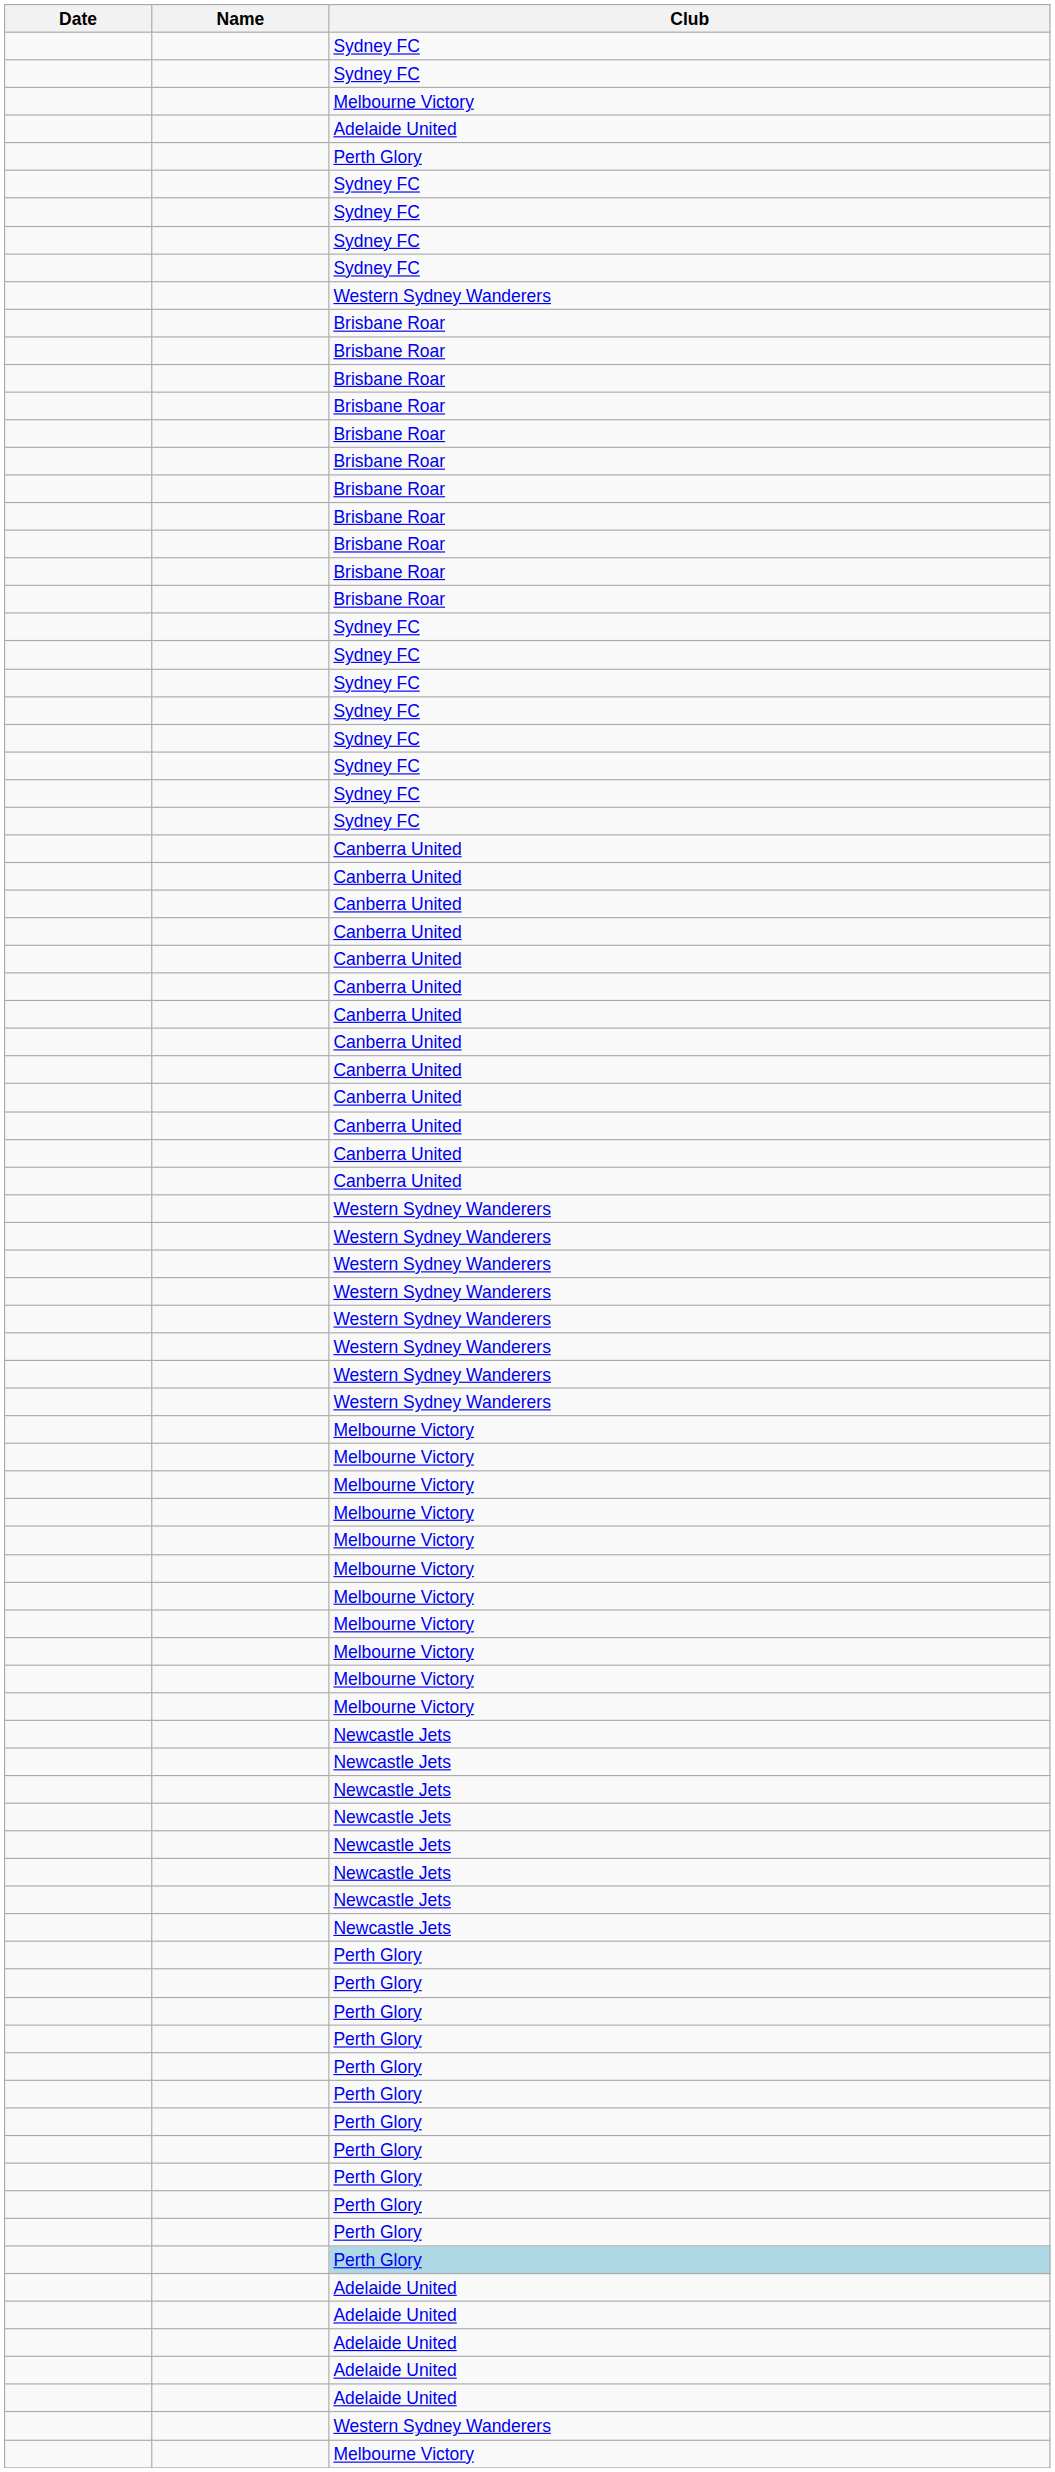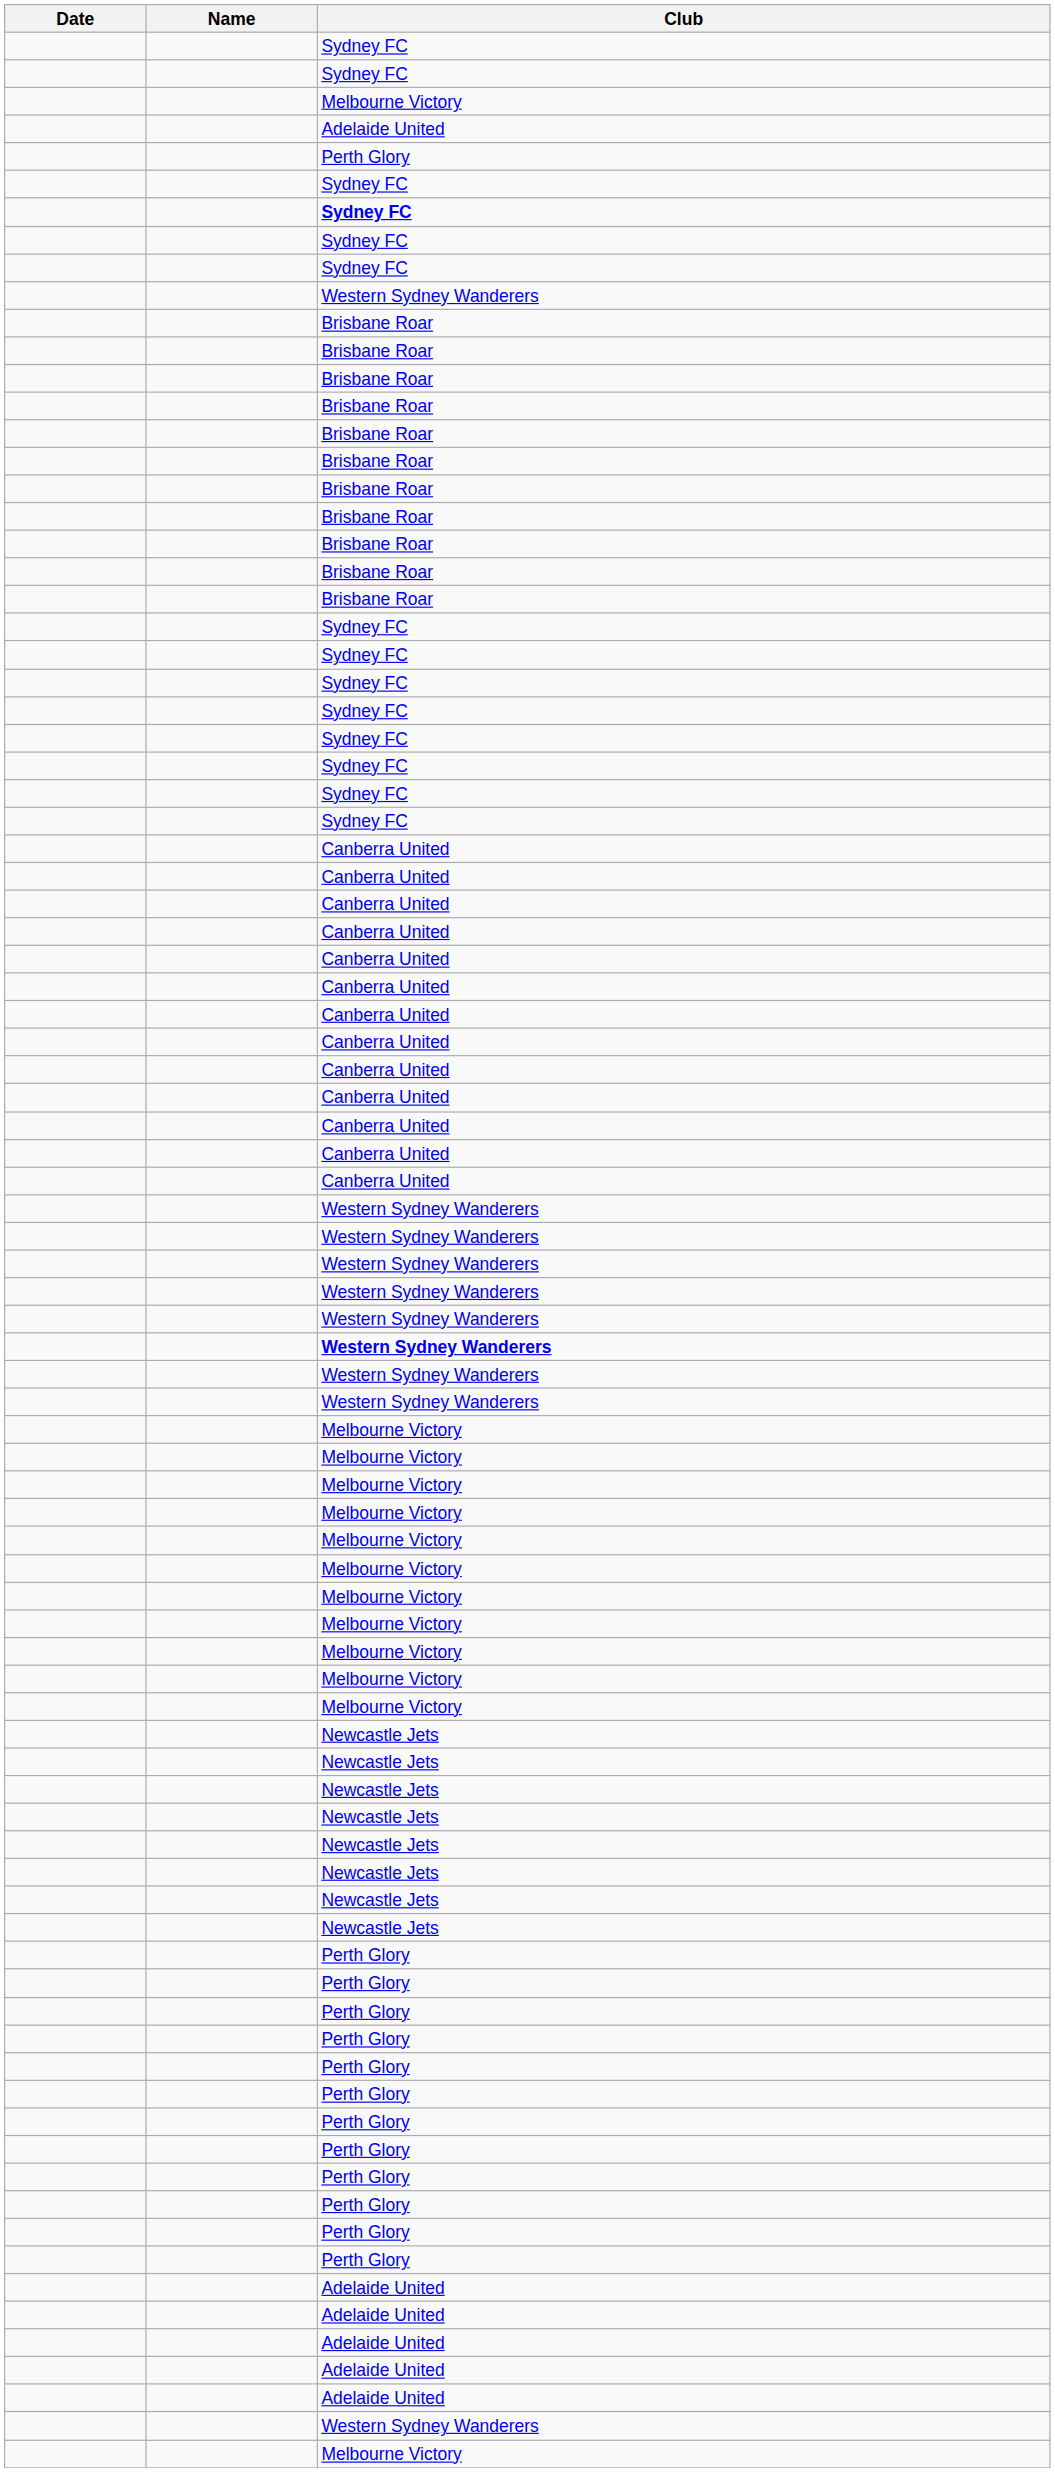 <table class="wikitable sortable" style="width:72%; font-size:95%; ">
 <tr>
 <th>Date</th>
 <th>Name</th>
 <th>Club</th>
 </tr>
 <tr>
 <td></td>
 <td></td>
 <td><a href='#'>Sydney FC</a></td>
 </tr>
 <tr>
 <td></td>
 <td></td>
 <td><a href='#'>Sydney FC</a></td>
 </tr>
 <tr>
 <td></td>
 <td></td>
 <td><a href='#'>Melbourne Victory</a></td>
 </tr>
 <tr>
 <td></td>
 <td></td>
 <td><a href='#'>Adelaide United</a></td>
 </tr>
 <tr>
 <td></td>
 <td></td>
 <td><a href='#'>Perth Glory</a></td>
 </tr>
 <tr>
 <td></td>
 <td></td>
 <td><a href='#'>Sydney FC</a></td>
 </tr>
 <tr>
 <td></td>
 <td></td>
-<td><a href='#'>Sydney FC</a></td>
+<td><strong><a href='#'>Sydney FC</a></strong></td>
 </tr>
 <tr>
 <td></td>
 <td></td>
 <td><a href='#'>Sydney FC</a></td>
 </tr>
 <tr>
 <td></td>
 <td></td>
 <td><a href='#'>Sydney FC</a></td>
 </tr>
 <tr>
 <td></td>
 <td></td>
 <td><a href='#'>Western Sydney Wanderers</a></td>
 </tr>
 <tr>
 <td></td>
 <td></td>
 <td><a href='#'>Brisbane Roar</a></td>
 </tr>
 <tr>
 <td></td>
 <td></td>
 <td><a href='#'>Brisbane Roar</a></td>
 </tr>
 <tr>
 <td></td>
 <td></td>
 <td><a href='#'>Brisbane Roar</a></td>
 </tr>
 <tr>
 <td></td>
 <td></td>
 <td><a href='#'>Brisbane Roar</a></td>
 </tr>
 <tr>
 <td></td>
 <td></td>
 <td><a href='#'>Brisbane Roar</a></td>
 </tr>
 <tr>
 <td></td>
 <td></td>
 <td><a href='#'>Brisbane Roar</a></td>
 </tr>
 <tr>
 <td></td>
 <td></td>
 <td><a href='#'>Brisbane Roar</a></td>
 </tr>
 <tr>
 <td></td>
 <td></td>
 <td><a href='#'>Brisbane Roar</a></td>
 </tr>
 <tr>
 <td></td>
 <td></td>
 <td><a href='#'>Brisbane Roar</a></td>
 </tr>
 <tr>
 <td></td>
 <td></td>
 <td><a href='#'>Brisbane Roar</a></td>
 </tr>
 <tr>
 <td></td>
 <td></td>
 <td><a href='#'>Brisbane Roar</a></td>
 </tr>
 <tr>
 <td></td>
 <td></td>
 <td><a href='#'>Sydney FC</a></td>
 </tr>
 <tr>
 <td></td>
 <td></td>
 <td><a href='#'>Sydney FC</a></td>
 </tr>
 <tr>
 <td></td>
 <td></td>
 <td><a href='#'>Sydney FC</a></td>
 </tr>
 <tr>
 <td></td>
 <td></td>
 <td><a href='#'>Sydney FC</a></td>
 </tr>
 <tr>
 <td></td>
 <td></td>
 <td><a href='#'>Sydney FC</a></td>
 </tr>
 <tr>
 <td></td>
 <td></td>
 <td><a href='#'>Sydney FC</a></td>
 </tr>
 <tr>
 <td></td>
 <td></td>
 <td><a href='#'>Sydney FC</a></td>
 </tr>
 <tr>
 <td></td>
 <td></td>
 <td><a href='#'>Sydney FC</a></td>
 </tr>
 <tr>
 <td></td>
 <td></td>
 <td><a href='#'>Canberra United</a></td>
 </tr>
 <tr>
 <td></td>
 <td></td>
 <td><a href='#'>Canberra United</a></td>
 </tr>
 <tr>
 <td></td>
 <td></td>
 <td><a href='#'>Canberra United</a></td>
 </tr>
 <tr>
 <td></td>
 <td></td>
 <td><a href='#'>Canberra United</a></td>
 </tr>
 <tr>
 <td></td>
 <td></td>
 <td><a href='#'>Canberra United</a></td>
 </tr>
 <tr>
 <td></td>
 <td></td>
 <td><a href='#'>Canberra United</a></td>
 </tr>
 <tr>
 <td></td>
 <td></td>
 <td><a href='#'>Canberra United</a></td>
 </tr>
 <tr>
 <td></td>
 <td></td>
 <td><a href='#'>Canberra United</a></td>
 </tr>
 <tr>
 <td></td>
 <td></td>
 <td><a href='#'>Canberra United</a></td>
 </tr>
 <tr>
 <td></td>
 <td></td>
 <td><a href='#'>Canberra United</a></td>
 </tr>
 <tr>
 <td></td>
 <td></td>
 <td><a href='#'>Canberra United</a></td>
 </tr>
 <tr>
 <td></td>
 <td></td>
 <td><a href='#'>Canberra United</a></td>
 </tr>
 <tr>
 <td></td>
 <td></td>
 <td><a href='#'>Canberra United</a></td>
 </tr>
 <tr>
 <td></td>
 <td></td>
 <td><a href='#'>Western Sydney Wanderers</a></td>
 </tr>
 <tr>
 <td></td>
 <td></td>
 <td><a href='#'>Western Sydney Wanderers</a></td>
 </tr>
 <tr>
 <td></td>
 <td></td>
 <td><a href='#'>Western Sydney Wanderers</a></td>
 </tr>
 <tr>
 <td></td>
 <td></td>
 <td><a href='#'>Western Sydney Wanderers</a></td>
 </tr>
 <tr>
 <td></td>
 <td></td>
 <td><a href='#'>Western Sydney Wanderers</a></td>
 </tr>
 <tr>
 <td></td>
 <td></td>
-<td><a href='#'>Western Sydney Wanderers</a></td>
+<td><strong><a href='#'>Western Sydney Wanderers</a></strong></td>
 </tr>
 <tr>
 <td></td>
 <td></td>
 <td><a href='#'>Western Sydney Wanderers</a></td>
 </tr>
 <tr>
 <td></td>
 <td></td>
 <td><a href='#'>Western Sydney Wanderers</a></td>
 </tr>
 <tr>
 <td></td>
 <td></td>
 <td><a href='#'>Melbourne Victory</a></td>
 </tr>
 <tr>
 <td></td>
 <td></td>
 <td><a href='#'>Melbourne Victory</a></td>
 </tr>
 <tr>
 <td></td>
 <td></td>
 <td><a href='#'>Melbourne Victory</a></td>
 </tr>
 <tr>
 <td></td>
 <td></td>
 <td><a href='#'>Melbourne Victory</a></td>
 </tr>
 <tr>
 <td></td>
 <td></td>
 <td><a href='#'>Melbourne Victory</a></td>
 </tr>
 <tr>
 <td></td>
 <td></td>
 <td><a href='#'>Melbourne Victory</a></td>
 </tr>
 <tr>
 <td></td>
 <td></td>
 <td><a href='#'>Melbourne Victory</a></td>
 </tr>
 <tr>
 <td></td>
 <td></td>
 <td><a href='#'>Melbourne Victory</a></td>
 </tr>
 <tr>
 <td></td>
 <td></td>
 <td><a href='#'>Melbourne Victory</a></td>
 </tr>
 <tr>
 <td></td>
 <td></td>
 <td><a href='#'>Melbourne Victory</a></td>
 </tr>
 <tr>
 <td></td>
 <td></td>
 <td><a href='#'>Melbourne Victory</a></td>
 </tr>
 <tr>
 <td></td>
 <td></td>
 <td><a href='#'>Newcastle Jets</a></td>
 </tr>
 <tr>
 <td></td>
 <td></td>
 <td><a href='#'>Newcastle Jets</a></td>
 </tr>
 <tr>
 <td></td>
 <td></td>
 <td><a href='#'>Newcastle Jets</a></td>
 </tr>
 <tr>
 <td></td>
 <td></td>
 <td><a href='#'>Newcastle Jets</a></td>
 </tr>
 <tr>
 <td></td>
 <td></td>
 <td><a href='#'>Newcastle Jets</a></td>
 </tr>
 <tr>
 <td></td>
 <td></td>
 <td><a href='#'>Newcastle Jets</a></td>
 </tr>
 <tr>
 <td></td>
 <td></td>
 <td><a href='#'>Newcastle Jets</a></td>
 </tr>
 <tr>
 <td></td>
 <td></td>
 <td><a href='#'>Newcastle Jets</a></td>
 </tr>
 <tr>
 <td></td>
 <td></td>
 <td><a href='#'>Perth Glory</a></td>
 </tr>
 <tr>
 <td></td>
 <td></td>
 <td><a href='#'>Perth Glory</a></td>
 </tr>
 <tr>
 <td></td>
 <td></td>
 <td><a href='#'>Perth Glory</a></td>
 </tr>
 <tr>
 <td></td>
 <td></td>
 <td><a href='#'>Perth Glory</a></td>
 </tr>
 <tr>
 <td></td>
 <td></td>
 <td><a href='#'>Perth Glory</a></td>
 </tr>
 <tr>
 <td></td>
 <td></td>
 <td><a href='#'>Perth Glory</a></td>
 </tr>
 <tr>
 <td></td>
 <td></td>
 <td><a href='#'>Perth Glory</a></td>
 </tr>
 <tr>
 <td></td>
 <td></td>
 <td><a href='#'>Perth Glory</a></td>
 </tr>
 <tr>
 <td></td>
 <td></td>
 <td><a href='#'>Perth Glory</a></td>
 </tr>
 <tr>
 <td></td>
 <td></td>
 <td><a href='#'>Perth Glory</a></td>
 </tr>
 <tr>
 <td></td>
 <td></td>
 <td><a href='#'>Perth Glory</a></td>
 </tr>
 <tr>
 <td></td>
 <td></td>
-<td style="background: lightblue;"><a href='#'>Perth Glory</a></td>
+<td><a href='#'>Perth Glory</a></td>
 </tr>
 <tr>
 <td></td>
 <td></td>
 <td><a href='#'>Adelaide United</a></td>
 </tr>
 <tr>
 <td></td>
 <td></td>
 <td><a href='#'>Adelaide United</a></td>
 </tr>
 <tr>
 <td></td>
 <td></td>
 <td><a href='#'>Adelaide United</a></td>
 </tr>
 <tr>
 <td></td>
 <td></td>
 <td><a href='#'>Adelaide United</a></td>
 </tr>
 <tr>
 <td></td>
 <td></td>
 <td><a href='#'>Adelaide United</a></td>
 </tr>
 <tr>
 <td></td>
 <td></td>
 <td><a href='#'>Western Sydney Wanderers</a></td>
 </tr>
 <tr>
 <td></td>
 <td></td>
 <td><a href='#'>Melbourne Victory</a></td>
 </tr>
 </table>
